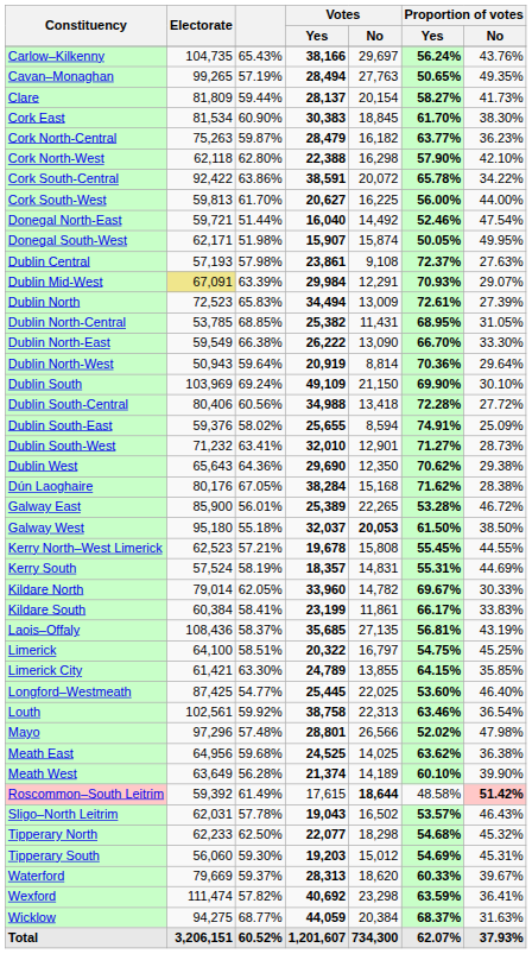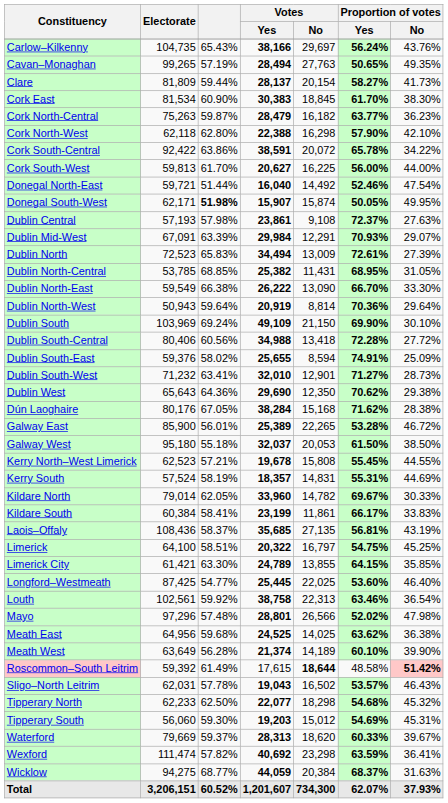 <table class="wikitable sortable">
 <tr>
 <th rowspan=2>Constituency</th>
 <th rowspan=2>Electorate</th>
 <th rowspan=2></th>
 <th colspan=2>Votes</th>
 <th colspan=2>Proportion of votes</th>
 </tr>
 <tr>
 <th>Yes</th>
 <th>No</th>
 <th>Yes</th>
 <th>No</th>
 </tr>
 <tr>
 </tr>
 <tr>
 <td style="background:#c8ffc8;"><a href='#'>Carlow–Kilkenny</a></td>
 <td style="text-align: right;">104,735</td>
 <td style="text-align: right;">65.43%</td>
 <td style="text-align: right;"><strong>38,166</strong></td>
 <td style="text-align: right;">29,697</td>
 <td style="text-align: right; background:#c8ffc8;"><strong>56.24%</strong></td>
 <td style="text-align: right;">43.76%</td>
 </tr>
 <tr>
 <td style="background:#c8ffc8;"><a href='#'>Cavan–Monaghan</a></td>
 <td style="text-align: right;">99,265</td>
 <td style="text-align: right;">57.19%</td>
 <td style="text-align: right;"><strong>28,494</strong></td>
 <td style="text-align: right;">27,763</td>
 <td style="text-align: right; background:#c8ffc8;"><strong>50.65%</strong></td>
 <td style="text-align: right;">49.35%</td>
 </tr>
 <tr>
 <td style="background:#c8ffc8;"><a href='#'>Clare</a></td>
 <td style="text-align: right;">81,809</td>
 <td style="text-align: right;">59.44%</td>
 <td style="text-align: right;"><strong>28,137</strong></td>
 <td style="text-align: right;">20,154</td>
 <td style="text-align: right; background:#c8ffc8;"><strong>58.27%</strong></td>
 <td style="text-align: right;">41.73%</td>
 </tr>
 <tr>
 <td style="background:#c8ffc8;"><a href='#'>Cork East</a></td>
 <td style="text-align: right;">81,534</td>
 <td style="text-align: right;">60.90%</td>
 <td style="text-align: right;"><strong>30,383</strong></td>
 <td style="text-align: right;">18,845</td>
 <td style="text-align: right; background:#c8ffc8;"><strong>61.70%</strong></td>
 <td style="text-align: right;">38.30%</td>
 </tr>
 <tr>
 <td style="background:#c8ffc8;"><a href='#'>Cork North-Central</a></td>
 <td style="text-align: right;">75,263</td>
 <td style="text-align: right;">59.87%</td>
 <td style="text-align: right;"><strong>28,479</strong></td>
 <td style="text-align: right;">16,182</td>
 <td style="text-align: right; background:#c8ffc8;"><strong>63.77%</strong></td>
 <td style="text-align: right;">36.23%</td>
 </tr>
 <tr>
 <td style="background:#c8ffc8;"><a href='#'>Cork North-West</a></td>
 <td style="text-align: right;">62,118</td>
 <td style="text-align: right;">62.80%</td>
 <td style="text-align: right;"><strong>22,388</strong></td>
 <td style="text-align: right;">16,298</td>
 <td style="text-align: right; background:#c8ffc8;"><strong>57.90%</strong></td>
 <td style="text-align: right;">42.10%</td>
 </tr>
 <tr>
 <td style="background:#c8ffc8;"><a href='#'>Cork South-Central</a></td>
 <td style="text-align: right;">92,422</td>
 <td style="text-align: right;">63.86%</td>
 <td style="text-align: right;"><strong>38,591</strong></td>
 <td style="text-align: right;">20,072</td>
 <td style="text-align: right; background:#c8ffc8;"><strong>65.78%</strong></td>
 <td style="text-align: right;">34.22%</td>
 </tr>
 <tr>
 <td style="background:#c8ffc8;"><a href='#'>Cork South-West</a></td>
 <td style="text-align: right;">59,813</td>
 <td style="text-align: right;">61.70%</td>
 <td style="text-align: right;"><strong>20,627</strong></td>
 <td style="text-align: right;">16,225</td>
 <td style="text-align: right; background:#c8ffc8;"><strong>56.00%</strong></td>
 <td style="text-align: right;">44.00%</td>
 </tr>
 <tr>
 <td style="background:#c8ffc8;"><a href='#'>Donegal North-East</a></td>
 <td style="text-align: right;">59,721</td>
 <td style="text-align: right;">51.44%</td>
 <td style="text-align: right;"><strong>16,040</strong></td>
 <td style="text-align: right;">14,492</td>
 <td style="text-align: right; background:#c8ffc8;"><strong>52.46%</strong></td>
 <td style="text-align: right;">47.54%</td>
 </tr>
 <tr>
 <td style="background:#c8ffc8;"><a href='#'>Donegal South-West</a></td>
 <td style="text-align: right;">62,171</td>
-<td style="text-align: right;">51.98%</td>
+<td style="text-align: right;"><strong>51.98%</strong></td>
 <td style="text-align: right;"><strong>15,907</strong></td>
 <td style="text-align: right;">15,874</td>
 <td style="text-align: right; background:#c8ffc8;"><strong>50.05%</strong></td>
 <td style="text-align: right;">49.95%</td>
 </tr>
 <tr>
 <td style="background:#c8ffc8;"><a href='#'>Dublin Central</a></td>
 <td style="text-align: right;">57,193</td>
 <td style="text-align: right;">57.98%</td>
 <td style="text-align: right;"><strong>23,861</strong></td>
 <td style="text-align: right;">9,108</td>
 <td style="text-align: right; background:#c8ffc8;"><strong>72.37%</strong></td>
 <td style="text-align: right;">27.63%</td>
 </tr>
 <tr>
 <td style="background:#c8ffc8;"><a href='#'>Dublin Mid-West</a></td>
-<td style="background: khaki; text-align: right;">67,091</td>
+<td style="text-align: right;">67,091</td>
 <td style="text-align: right;">63.39%</td>
 <td style="text-align: right;"><strong>29,984</strong></td>
 <td style="text-align: right;">12,291</td>
 <td style="text-align: right; background:#c8ffc8;"><strong>70.93%</strong></td>
 <td style="text-align: right;">29.07%</td>
 </tr>
 <tr>
 <td style="background:#c8ffc8;"><a href='#'>Dublin North</a></td>
 <td style="text-align: right;">72,523</td>
 <td style="text-align: right;">65.83%</td>
 <td style="text-align: right;"><strong>34,494</strong></td>
 <td style="text-align: right;">13,009</td>
 <td style="text-align: right; background:#c8ffc8;"><strong>72.61%</strong></td>
 <td style="text-align: right;">27.39%</td>
 </tr>
 <tr>
 <td style="background:#c8ffc8;"><a href='#'>Dublin North-Central</a></td>
 <td style="text-align: right;">53,785</td>
 <td style="text-align: right;">68.85%</td>
 <td style="text-align: right;"><strong>25,382</strong></td>
 <td style="text-align: right;">11,431</td>
 <td style="text-align: right; background:#c8ffc8;"><strong>68.95%</strong></td>
 <td style="text-align: right;">31.05%</td>
 </tr>
 <tr>
 <td style="background:#c8ffc8;"><a href='#'>Dublin North-East</a></td>
 <td style="text-align: right;">59,549</td>
 <td style="text-align: right;">66.38%</td>
 <td style="text-align: right;"><strong>26,222</strong></td>
 <td style="text-align: right;">13,090</td>
 <td style="text-align: right; background:#c8ffc8;"><strong>66.70%</strong></td>
 <td style="text-align: right;">33.30%</td>
 </tr>
 <tr>
 <td style="background:#c8ffc8;"><a href='#'>Dublin North-West</a></td>
 <td style="text-align: right;">50,943</td>
 <td style="text-align: right;">59.64%</td>
 <td style="text-align: right;"><strong>20,919</strong></td>
 <td style="text-align: right;">8,814</td>
 <td style="text-align: right; background:#c8ffc8;"><strong>70.36%</strong></td>
 <td style="text-align: right;">29.64%</td>
 </tr>
 <tr>
 <td style="background:#c8ffc8;"><a href='#'>Dublin South</a></td>
 <td style="text-align: right;">103,969</td>
 <td style="text-align: right;">69.24%</td>
 <td style="text-align: right;"><strong>49,109</strong></td>
 <td style="text-align: right;">21,150</td>
 <td style="text-align: right; background:#c8ffc8;"><strong>69.90%</strong></td>
 <td style="text-align: right;">30.10%</td>
 </tr>
 <tr>
 <td style="background:#c8ffc8;"><a href='#'>Dublin South-Central</a></td>
 <td style="text-align: right;">80,406</td>
 <td style="text-align: right;">60.56%</td>
 <td style="text-align: right;"><strong>34,988</strong></td>
 <td style="text-align: right;">13,418</td>
 <td style="text-align: right; background:#c8ffc8;"><strong>72.28%</strong></td>
 <td style="text-align: right;">27.72%</td>
 </tr>
 <tr>
 <td style="background:#c8ffc8;"><a href='#'>Dublin South-East</a></td>
 <td style="text-align: right;">59,376</td>
 <td style="text-align: right;">58.02%</td>
 <td style="text-align: right;"><strong>25,655</strong></td>
 <td style="text-align: right;">8,594</td>
 <td style="text-align: right; background:#c8ffc8;"><strong>74.91%</strong></td>
 <td style="text-align: right;">25.09%</td>
 </tr>
 <tr>
 <td style="background:#c8ffc8;"><a href='#'>Dublin South-West</a></td>
 <td style="text-align: right;">71,232</td>
 <td style="text-align: right;">63.41%</td>
 <td style="text-align: right;"><strong>32,010</strong></td>
 <td style="text-align: right;">12,901</td>
 <td style="text-align: right; background:#c8ffc8;"><strong>71.27%</strong></td>
 <td style="text-align: right;">28.73%</td>
 </tr>
 <tr>
 <td style="background:#c8ffc8;"><a href='#'>Dublin West</a></td>
 <td style="text-align: right;">65,643</td>
 <td style="text-align: right;">64.36%</td>
 <td style="text-align: right;"><strong>29,690</strong></td>
 <td style="text-align: right;">12,350</td>
 <td style="text-align: right; background:#c8ffc8;"><strong>70.62%</strong></td>
 <td style="text-align: right;">29.38%</td>
 </tr>
 <tr>
 <td style="background:#c8ffc8;"><a href='#'>Dún Laoghaire</a></td>
 <td style="text-align: right;">80,176</td>
 <td style="text-align: right;">67.05%</td>
 <td style="text-align: right;"><strong>38,284</strong></td>
 <td style="text-align: right;">15,168</td>
 <td style="text-align: right; background:#c8ffc8;"><strong>71.62%</strong></td>
 <td style="text-align: right;">28.38%</td>
 </tr>
 <tr>
 <td style="background:#c8ffc8;"><a href='#'>Galway East</a></td>
 <td style="text-align: right;">85,900</td>
 <td style="text-align: right;">56.01%</td>
 <td style="text-align: right;"><strong>25,389</strong></td>
 <td style="text-align: right;">22,265</td>
 <td style="text-align: right; background:#c8ffc8;"><strong>53.28%</strong></td>
 <td style="text-align: right;">46.72%</td>
 </tr>
 <tr>
 <td style="background:#c8ffc8;"><a href='#'>Galway West</a></td>
 <td style="text-align: right;">95,180</td>
 <td style="text-align: right;">55.18%</td>
 <td style="text-align: right;"><strong>32,037</strong></td>
-<td style="text-align: right;"><strong>20,053</strong></td>
+<td style="text-align: right;">20,053</td>
 <td style="text-align: right; background:#c8ffc8;"><strong>61.50%</strong></td>
 <td style="text-align: right;">38.50%</td>
 </tr>
 <tr>
 <td style="background:#c8ffc8;"><a href='#'>Kerry North–West Limerick</a></td>
 <td style="text-align: right;">62,523</td>
 <td style="text-align: right;">57.21%</td>
 <td style="text-align: right;"><strong>19,678</strong></td>
 <td style="text-align: right;">15,808</td>
 <td style="text-align: right; background:#c8ffc8;"><strong>55.45%</strong></td>
 <td style="text-align: right;">44.55%</td>
 </tr>
 <tr>
 <td style="background:#c8ffc8;"><a href='#'>Kerry South</a></td>
 <td style="text-align: right;">57,524</td>
 <td style="text-align: right;">58.19%</td>
 <td style="text-align: right;"><strong>18,357</strong></td>
 <td style="text-align: right;">14,831</td>
 <td style="text-align: right; background:#c8ffc8;"><strong>55.31%</strong></td>
 <td style="text-align: right;">44.69%</td>
 </tr>
 <tr>
 <td style="background:#c8ffc8;"><a href='#'>Kildare North</a></td>
 <td style="text-align: right;">79,014</td>
 <td style="text-align: right;">62.05%</td>
 <td style="text-align: right;"><strong>33,960</strong></td>
 <td style="text-align: right;">14,782</td>
 <td style="text-align: right; background:#c8ffc8;"><strong>69.67%</strong></td>
 <td style="text-align: right;">30.33%</td>
 </tr>
 <tr>
 <td style="background:#c8ffc8;"><a href='#'>Kildare South</a></td>
 <td style="text-align: right;">60,384</td>
 <td style="text-align: right;">58.41%</td>
 <td style="text-align: right;"><strong>23,199</strong></td>
 <td style="text-align: right;">11,861</td>
 <td style="text-align: right; background:#c8ffc8;"><strong>66.17%</strong></td>
 <td style="text-align: right;">33.83%</td>
 </tr>
 <tr>
 <td style="background:#c8ffc8;"><a href='#'>Laois–Offaly</a></td>
 <td style="text-align: right;">108,436</td>
 <td style="text-align: right;">58.37%</td>
 <td style="text-align: right;"><strong>35,685</strong></td>
 <td style="text-align: right;">27,135</td>
 <td style="text-align: right; background:#c8ffc8;"><strong>56.81%</strong></td>
 <td style="text-align: right;">43.19%</td>
 </tr>
 <tr>
 <td style="background:#c8ffc8;"><a href='#'>Limerick</a></td>
 <td style="text-align: right;">64,100</td>
 <td style="text-align: right;">58.51%</td>
 <td style="text-align: right;"><strong>20,322</strong></td>
 <td style="text-align: right;">16,797</td>
 <td style="text-align: right; background:#c8ffc8;"><strong>54.75%</strong></td>
 <td style="text-align: right;">45.25%</td>
 </tr>
 <tr>
 <td style="background:#c8ffc8;"><a href='#'>Limerick City</a></td>
 <td style="text-align: right;">61,421</td>
 <td style="text-align: right;">63.30%</td>
 <td style="text-align: right;"><strong>24,789</strong></td>
 <td style="text-align: right;">13,855</td>
 <td style="text-align: right; background:#c8ffc8;"><strong>64.15%</strong></td>
 <td style="text-align: right;">35.85%</td>
 </tr>
 <tr>
 <td style="background:#c8ffc8;"><a href='#'>Longford–Westmeath</a></td>
 <td style="text-align: right;">87,425</td>
 <td style="text-align: right;">54.77%</td>
 <td style="text-align: right;"><strong>25,445</strong></td>
 <td style="text-align: right;">22,025</td>
 <td style="text-align: right; background:#c8ffc8;"><strong>53.60%</strong></td>
 <td style="text-align: right;">46.40%</td>
 </tr>
 <tr>
 <td style="background:#c8ffc8;"><a href='#'>Louth</a></td>
 <td style="text-align: right;">102,561</td>
 <td style="text-align: right;">59.92%</td>
 <td style="text-align: right;"><strong>38,758</strong></td>
 <td style="text-align: right;">22,313</td>
 <td style="text-align: right; background:#c8ffc8;"><strong>63.46%</strong></td>
 <td style="text-align: right;">36.54%</td>
 </tr>
 <tr>
 <td style="background:#c8ffc8;"><a href='#'>Mayo</a></td>
 <td style="text-align: right;">97,296</td>
 <td style="text-align: right;">57.48%</td>
 <td style="text-align: right;"><strong>28,801</strong></td>
 <td style="text-align: right;">26,566</td>
 <td style="text-align: right; background:#c8ffc8;"><strong>52.02%</strong></td>
 <td style="text-align: right;">47.98%</td>
 </tr>
 <tr>
 <td style="background:#c8ffc8;"><a href='#'>Meath East</a></td>
 <td style="text-align: right;">64,956</td>
 <td style="text-align: right;">59.68%</td>
 <td style="text-align: right;"><strong>24,525</strong></td>
 <td style="text-align: right;">14,025</td>
 <td style="text-align: right; background:#c8ffc8;"><strong>63.62%</strong></td>
 <td style="text-align: right;">36.38%</td>
 </tr>
 <tr>
 <td style="background:#c8ffc8;"><a href='#'>Meath West</a></td>
 <td style="text-align: right;">63,649</td>
 <td style="text-align: right;">56.28%</td>
 <td style="text-align: right;"><strong>21,374</strong></td>
 <td style="text-align: right;">14,189</td>
 <td style="text-align: right; background:#c8ffc8;"><strong>60.10%</strong></td>
 <td style="text-align: right;">39.90%</td>
 </tr>
 <tr>
 <td style="background:#ffc8c8;"><a href='#'>Roscommon–South Leitrim</a></td>
 <td style="text-align: right;">59,392</td>
 <td style="text-align: right;">61.49%</td>
 <td style="text-align: right;">17,615</td>
 <td style="text-align: right;"><strong>18,644</strong></td>
 <td style="text-align: right;">48.58%</td>
 <td style="text-align: right; background:#ffc8c8;"><strong>51.42%</strong></td>
 </tr>
 <tr>
 <td style="background:#c8ffc8;"><a href='#'>Sligo–North Leitrim</a></td>
 <td style="text-align: right;">62,031</td>
 <td style="text-align: right;">57.78%</td>
 <td style="text-align: right;"><strong>19,043</strong></td>
 <td style="text-align: right;">16,502</td>
 <td style="text-align: right; background:#c8ffc8;"><strong>53.57%</strong></td>
 <td style="text-align: right;">46.43%</td>
 </tr>
 <tr>
 <td style="background:#c8ffc8;"><a href='#'>Tipperary North</a></td>
 <td style="text-align: right;">62,233</td>
 <td style="text-align: right;">62.50%</td>
 <td style="text-align: right;"><strong>22,077</strong></td>
 <td style="text-align: right;">18,298</td>
 <td style="text-align: right; background:#c8ffc8;"><strong>54.68%</strong></td>
 <td style="text-align: right;">45.32%</td>
 </tr>
 <tr>
 <td style="background:#c8ffc8;"><a href='#'>Tipperary South</a></td>
 <td style="text-align: right;">56,060</td>
 <td style="text-align: right;">59.30%</td>
 <td style="text-align: right;"><strong>19,203</strong></td>
 <td style="text-align: right;">15,012</td>
 <td style="text-align: right; background:#c8ffc8;"><strong>54.69%</strong></td>
 <td style="text-align: right;">45.31%</td>
 </tr>
 <tr>
 <td style="background:#c8ffc8;"><a href='#'>Waterford</a></td>
 <td style="text-align: right;">79,669</td>
 <td style="text-align: right;">59.37%</td>
 <td style="text-align: right;"><strong>28,313</strong></td>
 <td style="text-align: right;">18,620</td>
 <td style="text-align: right; background:#c8ffc8;"><strong>60.33%</strong></td>
 <td style="text-align: right;">39.67%</td>
 </tr>
 <tr>
 <td style="background:#c8ffc8;"><a href='#'>Wexford</a></td>
 <td style="text-align: right;">111,474</td>
 <td style="text-align: right;">57.82%</td>
 <td style="text-align: right;"><strong>40,692</strong></td>
 <td style="text-align: right;">23,298</td>
 <td style="text-align: right; background:#c8ffc8;"><strong>63.59%</strong></td>
 <td style="text-align: right;">36.41%</td>
 </tr>
 <tr>
 <td style="background:#c8ffc8;"><a href='#'>Wicklow</a></td>
 <td style="text-align: right;">94,275</td>
 <td style="text-align: right;">68.77%</td>
 <td style="text-align: right;"><strong>44,059</strong></td>
 <td style="text-align: right;">20,384</td>
 <td style="text-align: right; background:#c8ffc8;"><strong>68.37%</strong></td>
 <td style="text-align: right;">31.63%</td>
 </tr>
 <tr class="sortbottom" style="font-weight:bold; background:rgb(232,232,232);">
 <td>Total</td>
 <td align=right>3,206,151</td>
 <td style="text-align: right;">60.52%</td>
 <td style="text-align: right;">1,201,607</td>
 <td style="text-align: right;">734,300</td>
 <td style="text-align: right;">62.07%</td>
 <td style="text-align: right;">37.93%</td>
 </tr>
 </table>
